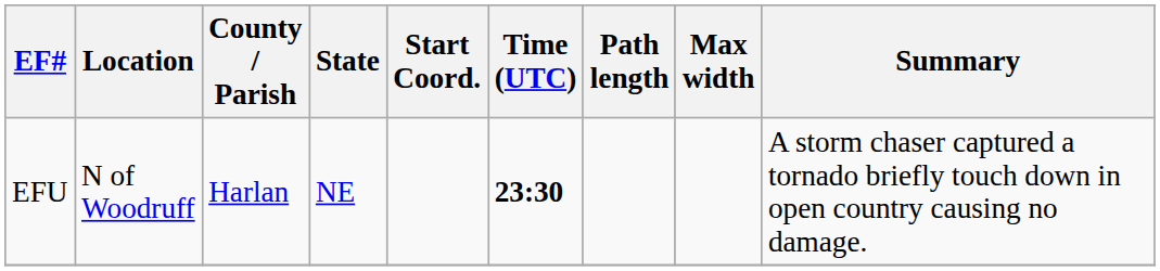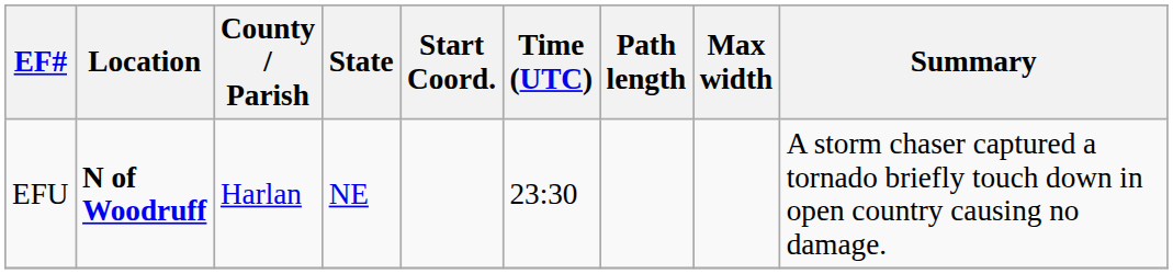 <table class="wikitable sortable" style="width:100%;">
 <tr>
 <th scope="col"  style="width:3%; text-align:center;"><a href='#'>EF#</a></th>
 <th scope="col"  style="width:7%; text-align:center;" class="unsortable">Location</th>
 <th scope="col"  style="width:6%; text-align:center;" class="unsortable">County / Parish</th>
 <th scope="col"  style="width:5%; text-align:center;">State</th>
 <th scope="col"  style="width:6%; text-align:center;">Start Coord.</th>
 <th scope="col"  style="width:6%; text-align:center;">Time (<a href='#'>UTC</a>)</th>
 <th scope="col"  style="width:6%; text-align:center;">Path length</th>
 <th scope="col"  style="width:6%; text-align:center;">Max width</th>
 <th scope="col" class="unsortable" style="width:48%; text-align:center;">Summary</th>
 </tr>
 <tr>
 <td>EFU</td>
-<td>N of <a href='#'>Woodruff</a></td>
+<td><strong>N of <a href='#'>Woodruff</a></strong></td>
 <td><a href='#'>Harlan</a></td>
 <td><a href='#'>NE</a></td>
 <td></td>
-<td><strong>23:30</strong></td>
+<td>23:30</td>
 <td></td>
 <td></td>
 <td>A storm chaser captured a tornado briefly touch down in open country causing no damage.</td>
 </tr>
 <tr>
 </tr>
 </table>
